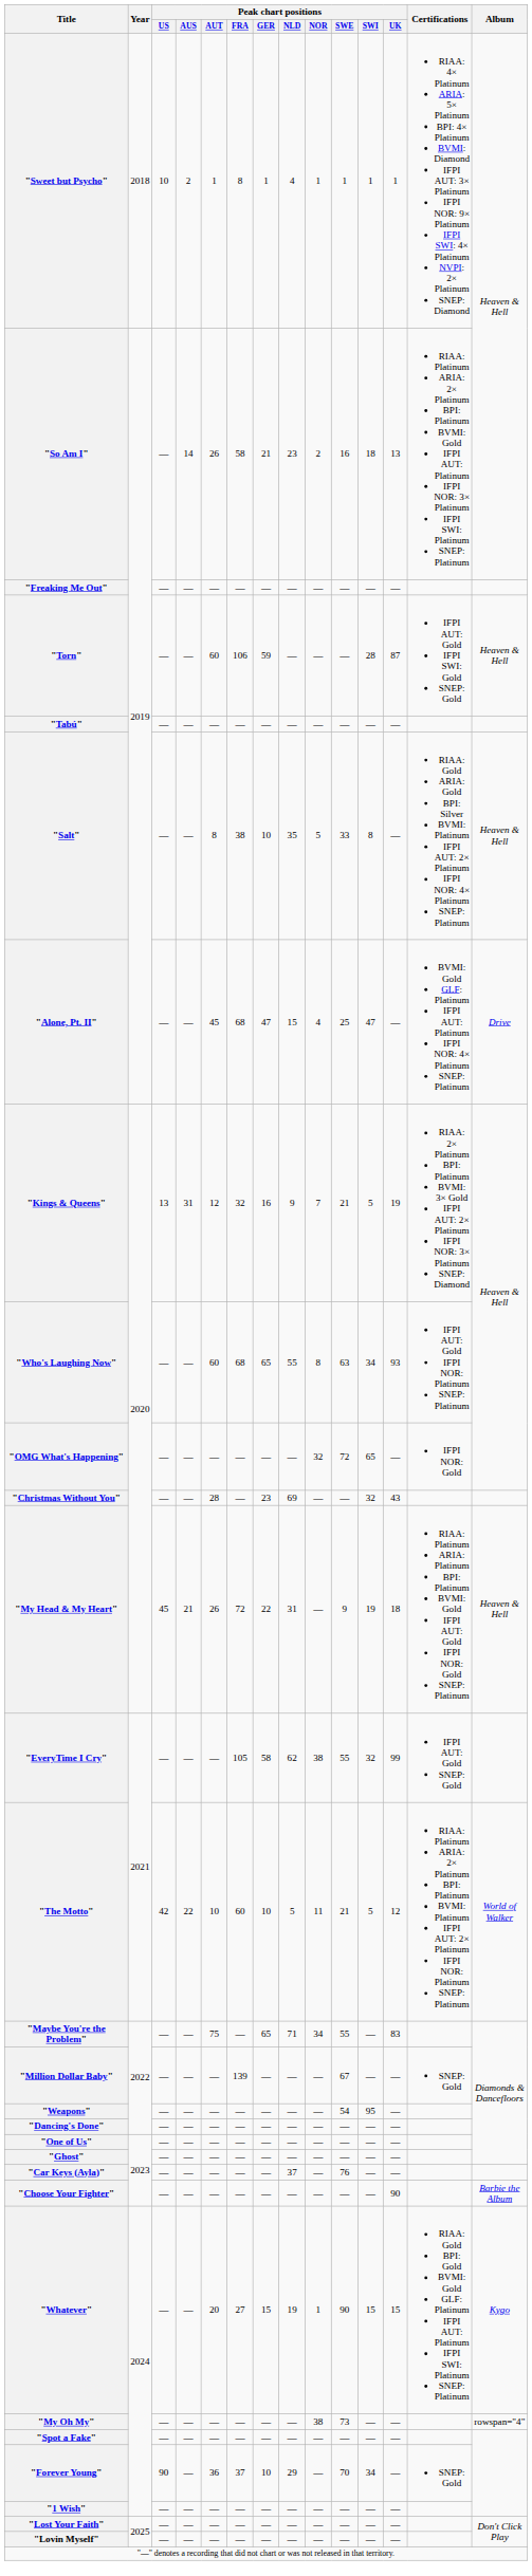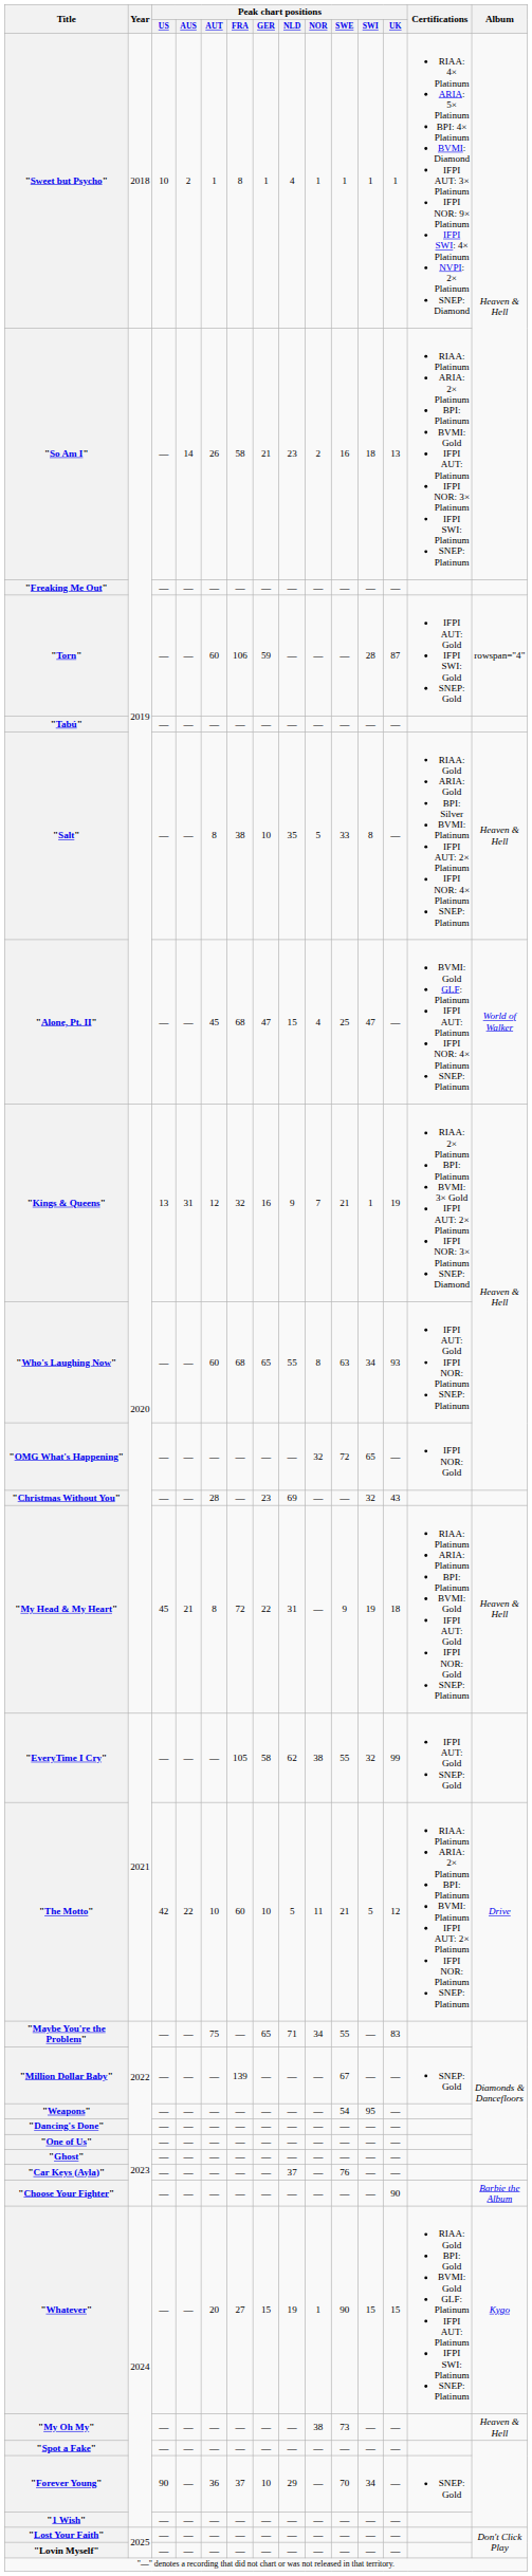 <table class="wikitable plainrowheaders" style="text-align:center;">
 <tr>
 <th scope="col" rowspan="2" style="width:16em;">Title</th>
 <th scope="col" rowspan="2" style="width:1em;">Year</th>
 <th scope="col" colspan="10">Peak chart positions</th>
 <th scope="col" rowspan="2">Certifications</th>
 <th scope="col" rowspan="2">Album</th>
 </tr>
 <tr>
 <th scope="col" style="width:3em;font-size:85%;"><a href='#'>US</a><br></th>
 <th scope="col" style="width:3em;font-size:85%;"><a href='#'>AUS</a><br></th>
 <th scope="col" style="width:3em;font-size:85%;"><a href='#'>AUT</a><br></th>
 <th scope="col" style="width:3em;font-size:85%;"><a href='#'>FRA</a><br></th>
 <th scope="col" style="width:3em;font-size:85%;"><a href='#'>GER</a><br></th>
 <th scope="col" style="width:3em;font-size:85%;"><a href='#'>NLD</a><br></th>
 <th scope="col" style="width:3em;font-size:85%;"><a href='#'>NOR</a><br></th>
 <th scope="col" style="width:3em;font-size:85%;"><a href='#'>SWE</a><br></th>
 <th scope="col" style="width:3em;font-size:85%;"><a href='#'>SWI</a><br></th>
 <th scope="col" style="width:3em;font-size:85%;"><a href='#'>UK</a><br></th>
 </tr>
 <tr>
 <th scope="row">"<a href='#'>Sweet but Psycho</a>"</th>
 <td>2018</td>
 <td>10</td>
 <td>2</td>
 <td>1</td>
 <td>8</td>
 <td>1</td>
 <td>4</td>
 <td>1</td>
 <td>1</td>
 <td>1</td>
 <td>1</td>
 <td><br><ul><li>RIAA: 4× Platinum</li><li><a href='#'>ARIA</a>: 5× Platinum</li><li>BPI: 4× Platinum</li><li><a href='#'>BVMI</a>: Diamond</li><li>IFPI AUT: 3× Platinum</li><li>IFPI NOR: 9× Platinum</li><li><a href='#'>IFPI SWI</a>: 4× Platinum</li><li><a href='#'>NVPI</a>: 2× Platinum</li><li>SNEP: Diamond</li></ul></td>
 <td rowspan="2"><em>Heaven & Hell</em></td>
 </tr>
 <tr>
 <th scope="row">"<a href='#'>So Am I</a>"</th>
 <td rowspan="6">2019</td>
 <td>—</td>
 <td>14</td>
 <td>26</td>
 <td>58</td>
 <td>21</td>
 <td>23</td>
 <td>2</td>
 <td>16</td>
 <td>18</td>
 <td>13</td>
 <td><br><ul><li>RIAA: Platinum</li><li>ARIA: 2× Platinum</li><li>BPI: Platinum</li><li>BVMI: Gold</li><li>IFPI AUT: Platinum</li><li>IFPI NOR: 3× Platinum</li><li>IFPI SWI: Platinum</li><li>SNEP: Platinum</li></ul></td>
 </tr>
 <tr>
 <th scope="row">"<a href='#'>Freaking Me Out</a>"</th>
 <td>—</td>
 <td>—</td>
 <td>—</td>
 <td>—</td>
 <td>—</td>
 <td>—</td>
 <td>—</td>
 <td>—</td>
 <td>—</td>
 <td>—</td>
 <td></td>
 <td></td>
 </tr>
 <tr>
 <th scope="row">"<a href='#'>Torn</a>"</th>
 <td>—</td>
 <td>—</td>
 <td>60</td>
 <td>106</td>
 <td>59</td>
 <td>—</td>
 <td>—</td>
 <td>—</td>
 <td>28</td>
 <td>87</td>
 <td><br><ul><li>IFPI AUT: Gold</li><li>IFPI SWI: Gold</li><li>SNEP: Gold</li></ul></td>
-<td rowspan="1"><em>Heaven & Hell</em></td>
+<td>rowspan="4" </td>
 </tr>
 <tr>
 <th scope="row">"<a href='#'>Tabú</a>"<br></th>
 <td>—</td>
 <td>—</td>
 <td>—</td>
 <td>—</td>
 <td>—</td>
 <td>—</td>
 <td>—</td>
 <td>—</td>
 <td>—</td>
 <td>—</td>
 <td></td>
 <td></td>
 </tr>
 <tr>
 <th scope="row">"<a href='#'>Salt</a>"</th>
 <td>—</td>
 <td>—</td>
 <td>8</td>
 <td>38</td>
 <td>10</td>
 <td>35</td>
 <td>5</td>
 <td>33</td>
 <td>8</td>
 <td>—</td>
 <td><br><ul><li>RIAA: Gold</li><li>ARIA: Gold</li><li>BPI: Silver</li><li>BVMI: Platinum</li><li>IFPI AUT: 2× Platinum</li><li>IFPI NOR: 4× Platinum</li><li>SNEP: Platinum</li></ul></td>
 <td><em>Heaven & Hell</em></td>
 </tr>
 <tr>
 <th scope="row">"<a href='#'>Alone, Pt. II</a>"<br></th>
 <td>—</td>
 <td>—</td>
 <td>45</td>
 <td>68</td>
 <td>47</td>
 <td>15</td>
 <td>4</td>
 <td>25</td>
 <td>47</td>
 <td>—</td>
 <td><br><ul><li>BVMI: Gold</li><li><a href='#'>GLF</a>: Platinum</li><li>IFPI AUT: Platinum</li><li>IFPI NOR: 4× Platinum</li><li>SNEP: Platinum</li></ul></td>
-<td><em><a href='#'>Drive</a></em></td>
+<td><em><a href='#'>World of Walker</a></em></td>
 </tr>
 <tr>
 <th scope="row">"<a href='#'>Kings & Queens</a>"</th>
 <td rowspan="5">2020</td>
 <td>13</td>
 <td>31</td>
 <td>12</td>
 <td>32</td>
 <td>16</td>
 <td>9</td>
 <td>7</td>
 <td>21</td>
-<td>5</td>
+<td>1</td>
 <td>19</td>
 <td><br><ul><li>RIAA: 2× Platinum</li><li>BPI: Platinum</li><li>BVMI: 3× Gold</li><li>IFPI AUT: 2× Platinum</li><li>IFPI NOR: 3× Platinum</li><li>SNEP: Diamond</li></ul></td>
 <td rowspan=3><em>Heaven & Hell</em></td>
 </tr>
 <tr>
 <th scope="row">"<a href='#'>Who's Laughing Now</a>"</th>
 <td>—</td>
 <td>—</td>
 <td>60</td>
 <td>68</td>
 <td>65</td>
 <td>55</td>
 <td>8</td>
 <td>63</td>
 <td>34</td>
 <td>93</td>
 <td><br><ul><li>IFPI AUT: Gold</li><li>IFPI NOR: Platinum</li><li>SNEP: Platinum</li></ul></td>
 </tr>
 <tr>
 <th scope="row">"<a href='#'>OMG What's Happening</a>"</th>
 <td>—</td>
 <td>—</td>
 <td>—</td>
 <td>—</td>
 <td>—</td>
 <td>—</td>
 <td>32</td>
 <td>72</td>
 <td>65</td>
 <td>—</td>
 <td><br><ul><li>IFPI NOR: Gold</li></ul></td>
 </tr>
 <tr>
 <th scope="row">"<a href='#'>Christmas Without You</a>"</th>
 <td>—</td>
 <td>—</td>
 <td>28</td>
 <td>—</td>
 <td>23</td>
 <td>69</td>
 <td>—</td>
 <td>—</td>
 <td>32</td>
 <td>43</td>
 <td></td>
 <td></td>
 </tr>
 <tr>
 <th scope="row">"<a href='#'>My Head & My Heart</a>"</th>
 <td>45</td>
 <td>21</td>
-<td>26</td>
+<td>8</td>
 <td>72</td>
 <td>22</td>
 <td>31</td>
 <td>—</td>
 <td>9</td>
 <td>19</td>
 <td>18</td>
 <td><br><ul><li>RIAA: Platinum</li><li>ARIA: Platinum</li><li>BPI: Platinum</li><li>BVMI: Gold</li><li>IFPI AUT: Gold</li><li>IFPI NOR: Gold</li><li>SNEP: Platinum</li></ul></td>
 <td><em>Heaven & Hell</em></td>
 </tr>
 <tr>
 <th scope="row">"<a href='#'>EveryTime I Cry</a>"</th>
 <td rowspan="2">2021</td>
 <td>—</td>
 <td>—</td>
 <td>—</td>
 <td>105</td>
 <td>58</td>
 <td>62</td>
 <td>38</td>
 <td>55</td>
 <td>32</td>
 <td>99</td>
 <td><br><ul><li>IFPI AUT: Gold</li><li>SNEP: Gold</li></ul></td>
 <td></td>
 </tr>
 <tr>
 <th scope="row">"<a href='#'>The Motto</a>"<br></th>
 <td>42</td>
 <td>22</td>
 <td>10</td>
 <td>60</td>
 <td>10</td>
 <td>5</td>
 <td>11</td>
 <td>21</td>
 <td>5</td>
 <td>12</td>
 <td><br><ul><li>RIAA: Platinum</li><li>ARIA: 2× Platinum</li><li>BPI: Platinum</li><li>BVMI: Platinum</li><li>IFPI AUT: 2× Platinum</li><li>IFPI NOR: Platinum</li><li>SNEP: Platinum</li></ul></td>
-<td><em><a href='#'>World of Walker</a></em></td>
+<td><em><a href='#'>Drive</a></em></td>
 </tr>
 <tr>
 <th scope="row">"<a href='#'>Maybe You're the Problem</a>"</th>
 <td rowspan="4">2022</td>
 <td>—</td>
 <td>—</td>
 <td>75</td>
 <td>—</td>
 <td>65</td>
 <td>71</td>
 <td>34</td>
 <td>55</td>
 <td>—</td>
 <td>83</td>
 <td></td>
 <td rowspan="6"><em>Diamonds & Dancefloors</em></td>
 </tr>
 <tr>
 <th scope="row">"<a href='#'>Million Dollar Baby</a>"</th>
 <td>—</td>
 <td>—</td>
 <td>—</td>
 <td>139</td>
 <td>—</td>
 <td>—</td>
 <td>—</td>
 <td>67</td>
 <td>—</td>
 <td>—</td>
 <td><br><ul><li>SNEP: Gold</li></ul></td>
 </tr>
 <tr>
 <th scope="row">"<a href='#'>Weapons</a>"</th>
 <td>—</td>
 <td>—</td>
 <td>—</td>
 <td>—</td>
 <td>—</td>
 <td>—</td>
 <td>—</td>
 <td>54</td>
 <td>95</td>
 <td>—</td>
 <td></td>
 </tr>
 <tr>
 <th scope="row">"<a href='#'>Dancing's Done</a>"</th>
 <td>—</td>
 <td>—</td>
 <td>—</td>
 <td>—</td>
 <td>—</td>
 <td>—</td>
 <td>—</td>
 <td>—</td>
 <td>—</td>
 <td>—</td>
 <td></td>
 </tr>
 <tr>
 <th scope="row">"<a href='#'>One of Us</a>"</th>
 <td rowspan="4">2023</td>
 <td>—</td>
 <td>—</td>
 <td>—</td>
 <td>—</td>
 <td>—</td>
 <td>—</td>
 <td>—</td>
 <td>—</td>
 <td>—</td>
 <td>—</td>
 <td></td>
 </tr>
 <tr>
 <th scope="row">"<a href='#'>Ghost</a>"</th>
 <td>—</td>
 <td>—</td>
 <td>—</td>
 <td>—</td>
 <td>—</td>
 <td>—</td>
 <td>—</td>
 <td>—</td>
 <td>—</td>
 <td>—</td>
 <td></td>
 </tr>
 <tr>
 <th scope="row">"<a href='#'>Car Keys (Ayla)</a>"<br></th>
 <td>—</td>
 <td>—</td>
 <td>—</td>
 <td>—</td>
 <td>—</td>
 <td>37</td>
 <td>—</td>
 <td>76</td>
 <td>—</td>
 <td>—</td>
 <td></td>
 <td></td>
 </tr>
 <tr>
 <th scope="row">"<a href='#'>Choose Your Fighter</a>"</th>
 <td>—</td>
 <td>—</td>
 <td>—</td>
 <td>—</td>
 <td>—</td>
 <td>—</td>
 <td>—</td>
 <td>—</td>
 <td>—</td>
 <td>90</td>
 <td></td>
 <td><em><a href='#'>Barbie the Album</a></em></td>
 </tr>
 <tr>
 <th scope="row">"<a href='#'>Whatever</a>"<br></th>
 <td rowspan="5">2024</td>
 <td>—</td>
 <td>—</td>
 <td>20</td>
 <td>27</td>
 <td>15</td>
 <td>19</td>
 <td>1</td>
 <td>90</td>
 <td>15</td>
 <td>15</td>
 <td><br><ul><li>RIAA: Gold</li><li>BPI: Gold</li><li>BVMI: Gold</li><li>GLF: Platinum</li><li>IFPI AUT: Platinum</li><li>IFPI SWI: Platinum</li><li>SNEP: Platinum</li></ul></td>
 <td><em><a href='#'>Kygo</a></em></td>
 </tr>
 <tr>
 <th scope="row">"<a href='#'>My Oh My</a>"</th>
 <td>—</td>
 <td>—</td>
 <td>—</td>
 <td>—</td>
 <td>—</td>
 <td>—</td>
 <td>38</td>
 <td>73</td>
 <td>—</td>
 <td>—</td>
 <td></td>
-<td>rowspan="4" </td>
+<td rowspan="1"><em>Heaven & Hell</em></td>
 </tr>
 <tr>
 <th scope="row">"<a href='#'>Spot a Fake</a>"</th>
 <td>—</td>
 <td>—</td>
 <td>—</td>
 <td>—</td>
 <td>—</td>
 <td>—</td>
 <td>—</td>
 <td>—</td>
 <td>—</td>
 <td>—</td>
 <td></td>
 </tr>
 <tr>
 <th scope="row">"<a href='#'>Forever Young</a>"<br></th>
 <td>90</td>
 <td>—</td>
 <td>36</td>
 <td>37<br></td>
 <td>10</td>
 <td>29</td>
 <td>—</td>
 <td>70</td>
 <td>34</td>
 <td>—</td>
 <td><br><ul><li>SNEP: Gold</li></ul></td>
 </tr>
 <tr>
 <th scope="row">"<a href='#'>1 Wish</a>"</th>
 <td>—</td>
 <td>—</td>
 <td>—</td>
 <td>—</td>
 <td>—</td>
 <td>—</td>
 <td>—</td>
 <td>—</td>
 <td>—</td>
 <td>—</td>
 <td></td>
 </tr>
 <tr>
 <th scope="row">"<a href='#'>Lost Your Faith</a>"</th>
 <td rowspan="2">2025</td>
 <td>—</td>
 <td>—</td>
 <td>—</td>
 <td>—</td>
 <td>—</td>
 <td>—</td>
 <td>—</td>
 <td>—</td>
 <td>—</td>
 <td>—</td>
 <td></td>
 <td rowspan="2"><em>Don't Click Play</em></td>
 </tr>
 <tr>
 <th scope="row">"Lovin Myself"</th>
 <td>—</td>
 <td>—</td>
 <td>—</td>
 <td>—</td>
 <td>—</td>
 <td>—</td>
 <td>—</td>
 <td>—</td>
 <td>—</td>
 <td>—</td>
 <td></td>
 </tr>
 <tr>
 <td colspan="14" style="font-size:85%;">"—" denotes a recording that did not chart or was not released in that territory.</td>
 </tr>
 </table>
